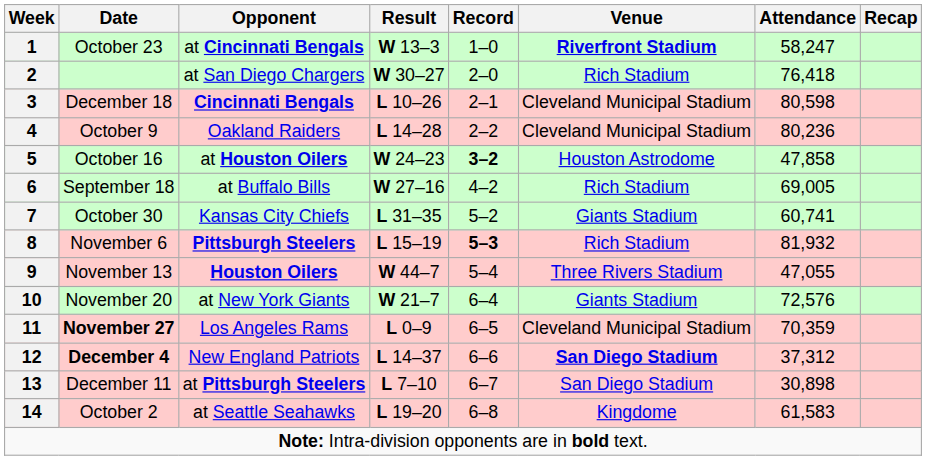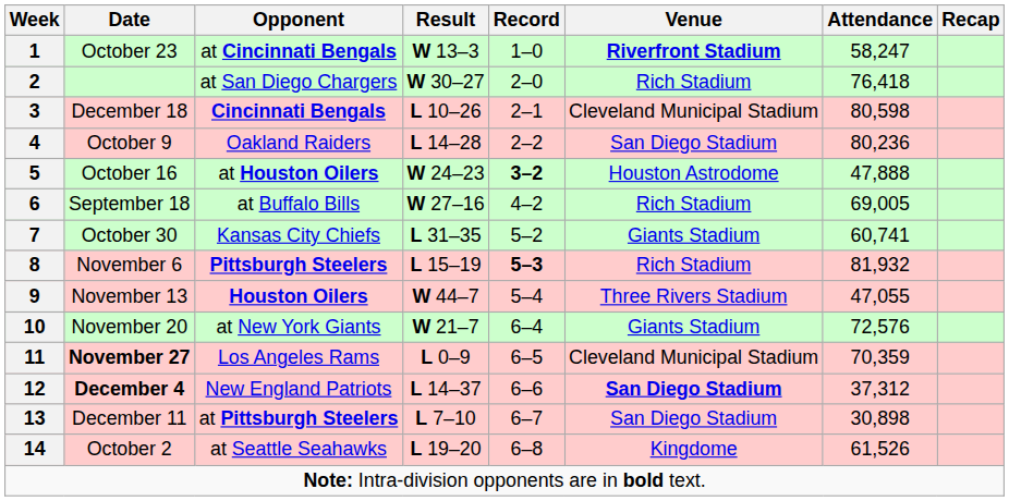 <table class="wikitable" style="text-align:center">
 <tr>
 <th>Week</th>
 <th>Date</th>
 <th>Opponent</th>
 <th>Result</th>
 <th>Record</th>
 <th>Venue</th>
 <th>Attendance</th>
 <th>Recap</th>
 </tr>
 <tr style="background:#cfc">
 <th>1</th>
 <td>October 23</td>
 <td>at <strong><a href='#'>Cincinnati Bengals</a></strong></td>
 <td><strong>W</strong> 13–3</td>
 <td>1–0</td>
 <td><strong><a href='#'>Riverfront Stadium</a></strong></td>
 <td>58,247</td>
 <td></td>
 </tr>
 <tr style="background:#cfc">
 <th>2</th>
 <td></td>
 <td>at <a href='#'>San Diego Chargers</a></td>
 <td><strong>W</strong> 30–27</td>
 <td>2–0</td>
 <td><a href='#'>Rich Stadium</a></td>
 <td>76,418</td>
 <td></td>
 </tr>
 <tr style="background:#fcc">
 <th>3</th>
 <td>December 18</td>
 <td><strong><a href='#'>Cincinnati Bengals</a></strong></td>
 <td><strong>L</strong> 10–26</td>
 <td>2–1</td>
 <td>Cleveland Municipal Stadium</td>
 <td>80,598</td>
 <td></td>
 </tr>
 <tr style="background:#fcc">
 <th>4</th>
 <td>October 9</td>
 <td><a href='#'>Oakland Raiders</a></td>
 <td><strong>L</strong> 14–28</td>
 <td>2–2</td>
-<td>Cleveland Municipal Stadium</td>
+<td><a href='#'>San Diego Stadium</a></td>
 <td>80,236</td>
 <td></td>
 </tr>
 <tr style="background:#cfc">
 <th>5</th>
 <td>October 16</td>
 <td>at <strong><a href='#'>Houston Oilers</a></strong></td>
 <td><strong>W</strong> 24–23</td>
 <td><strong>3–2</strong></td>
 <td><a href='#'>Houston Astrodome</a></td>
-<td>47,858</td>
+<td>47,888</td>
 <td></td>
 </tr>
 <tr style="background:#cfc">
 <th>6</th>
 <td>September 18</td>
 <td>at <a href='#'>Buffalo Bills</a></td>
 <td><strong>W</strong> 27–16</td>
 <td>4–2</td>
 <td><a href='#'>Rich Stadium</a></td>
 <td>69,005</td>
 <td></td>
 </tr>
 <tr style="background:#cfc">
 <th>7</th>
 <td>October 30</td>
 <td><a href='#'>Kansas City Chiefs</a></td>
 <td><strong>L</strong> 31–35</td>
 <td>5–2</td>
 <td><a href='#'>Giants Stadium</a></td>
 <td>60,741</td>
 <td></td>
 </tr>
 <tr style="background:#fcc">
 <th>8</th>
 <td>November 6</td>
 <td><strong><a href='#'>Pittsburgh Steelers</a></strong></td>
 <td><strong>L</strong> 15–19</td>
 <td><strong>5–3</strong></td>
 <td><a href='#'>Rich Stadium</a></td>
 <td>81,932</td>
 <td></td>
 </tr>
 <tr style="background:#fcc">
 <th>9</th>
 <td>November 13</td>
 <td><strong><a href='#'>Houston Oilers</a></strong></td>
 <td><strong>W</strong> 44–7</td>
 <td>5–4</td>
 <td><a href='#'>Three Rivers Stadium</a></td>
 <td>47,055</td>
 <td></td>
 </tr>
 <tr style="background:#cfc">
 <th>10</th>
 <td>November 20</td>
 <td>at <a href='#'>New York Giants</a></td>
 <td><strong>W</strong> 21–7</td>
 <td>6–4</td>
 <td><a href='#'>Giants Stadium</a></td>
 <td>72,576</td>
 <td></td>
 </tr>
 <tr style="background:#fcc">
 <th>11</th>
 <td><strong>November 27</strong></td>
 <td><a href='#'>Los Angeles Rams</a></td>
 <td><strong>L</strong> 0–9</td>
 <td>6–5</td>
 <td>Cleveland Municipal Stadium</td>
 <td>70,359</td>
 <td></td>
 </tr>
 <tr style="background:#fcc">
 <th>12</th>
 <td><strong>December 4</strong></td>
 <td><a href='#'>New England Patriots</a></td>
 <td><strong>L</strong> 14–37</td>
 <td>6–6</td>
 <td><strong><a href='#'>San Diego Stadium</a></strong></td>
 <td>37,312</td>
 <td></td>
 </tr>
 <tr style="background:#fcc">
 <th>13</th>
 <td>December 11</td>
 <td>at <strong><a href='#'>Pittsburgh Steelers</a></strong></td>
 <td><strong>L</strong> 7–10</td>
 <td>6–7</td>
 <td><a href='#'>San Diego Stadium</a></td>
 <td>30,898</td>
 <td></td>
 </tr>
 <tr style="background:#fcc">
 <th>14</th>
 <td>October 2</td>
 <td>at <a href='#'>Seattle Seahawks</a></td>
 <td><strong>L</strong> 19–20</td>
 <td>6–8</td>
 <td><a href='#'>Kingdome</a></td>
-<td>61,583</td>
+<td>61,526</td>
 <td></td>
 </tr>
 <tr>
 <td colspan="8"><strong>Note:</strong> Intra-division opponents are in <strong>bold</strong> text.</td>
 </tr>
 </table>
